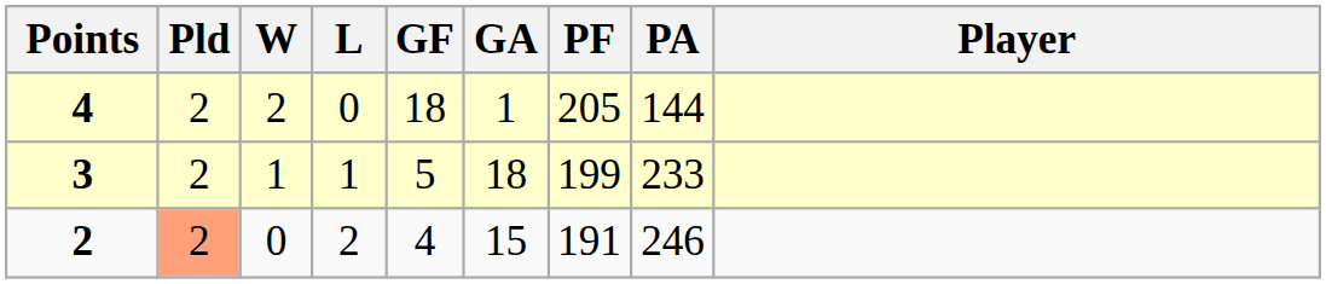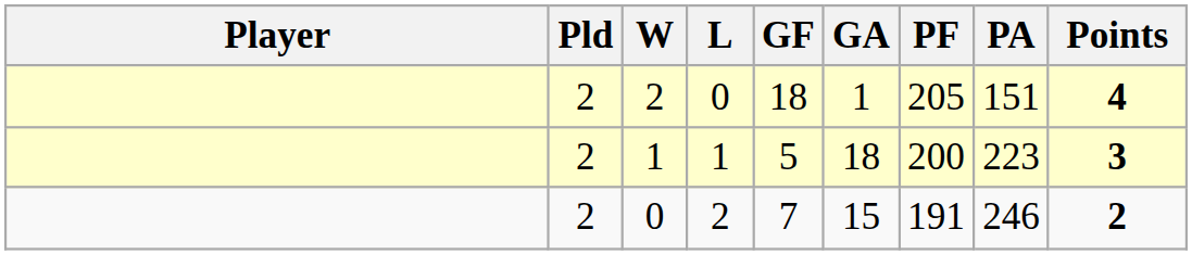 <table class="wikitable" style="text-align:center;">
 <tr>
-<th width=50>Points</th>
+<th width=220>Player</th>
 <th width=20>Pld</th>
 <th width=20>W</th>
 <th width=20>L</th>
 <th width=20>GF</th>
 <th width=20>GA</th>
 <th width=20>PF</th>
 <th width=20>PA</th>
-<th width=220>Player</th>
+<th width=50>Points</th>
 </tr>
 <tr style="background:#ffffcc;">
-<td><strong>4</strong></td>
+<td style="text-align:left;"></td>
 <td>2</td>
 <td>2</td>
 <td>0</td>
 <td>18</td>
 <td>1</td>
 <td>205</td>
-<td>144</td>
-<td style="text-align:left;"></td>
+<td>151</td>
+<td><strong>4</strong></td>
 </tr>
 <tr style="background:#ffffcc;">
-<td><strong>3</strong></td>
+<td style="text-align:left;"></td>
 <td>2</td>
 <td>1</td>
 <td>1</td>
 <td>5</td>
 <td>18</td>
-<td>199</td>
-<td>233</td>
-<td style="text-align:left;"></td>
+<td>200</td>
+<td>223</td>
+<td><strong>3</strong></td>
 </tr>
 <tr>
-<td><strong>2</strong></td>
-<td style="background: lightsalmon;">2</td>
+<td style="text-align:left;"></td>
+<td>2</td>
 <td>0</td>
 <td>2</td>
-<td>4</td>
+<td>7</td>
 <td>15</td>
 <td>191</td>
 <td>246</td>
-<td style="text-align:left;"></td>
+<td><strong>2</strong></td>
 </tr>
 </table>
